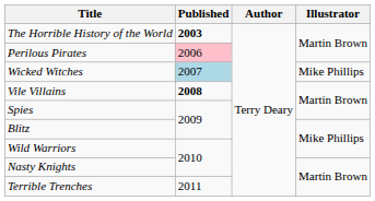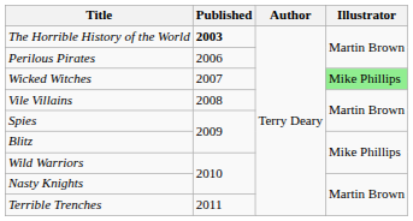 <table class="wikitable">
 <tr>
 <th>Title</th>
 <th>Published</th>
 <th>Author</th>
 <th>Illustrator</th>
 </tr>
 <tr>
 <td><em>The Horrible History of the World</em></td>
 <td><strong>2003</strong></td>
 <td rowspan="9">Terry Deary</td>
 <td rowspan="2">Martin Brown</td>
 </tr>
 <tr>
 <td><em>Perilous Pirates</em></td>
-<td style="background: pink;">2006</td>
+<td>2006</td>
 </tr>
 <tr>
 <td><em>Wicked Witches</em></td>
-<td style="background: lightblue;">2007</td>
-<td>Mike Phillips</td>
+<td>2007</td>
+<td style="background: lightgreen;">Mike Phillips</td>
 </tr>
 <tr>
 <td><em>Vile Villains</em></td>
-<td><strong>2008</strong></td>
+<td>2008</td>
 <td rowspan="2">Martin Brown</td>
 </tr>
 <tr>
 <td><em>Spies</em></td>
 <td rowspan="2">2009</td>
 </tr>
 <tr>
 <td><em>Blitz</em></td>
 <td rowspan="2">Mike Phillips</td>
 </tr>
 <tr>
 <td><em>Wild Warriors</em></td>
 <td rowspan="2">2010</td>
 </tr>
 <tr>
 <td><em>Nasty Knights</em></td>
 <td rowspan="2">Martin Brown</td>
 </tr>
 <tr>
 <td><em>Terrible Trenches</em></td>
 <td>2011</td>
 </tr>
 </table>
